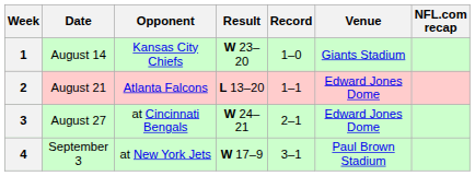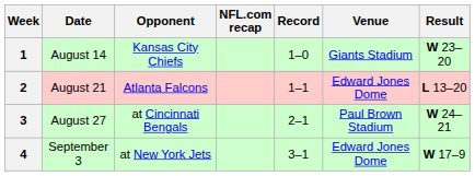 <table class="wikitable" style="text-align:center">
 <tr>
 <th>Week</th>
 <th>Date</th>
 <th>Opponent</th>
-<th>Result</th>
+<th>NFL.com<br>recap</th>
 <th>Record</th>
 <th>Venue</th>
-<th>NFL.com<br>recap</th>
+<th>Result</th>
 </tr>
 <tr style="background: #cfc;" align="center">
 <th>1</th>
 <td>August 14</td>
 <td><a href='#'>Kansas City Chiefs</a></td>
-<td><strong>W</strong> 23–20</td>
+<td></td>
 <td>1–0</td>
 <td><a href='#'>Giants Stadium</a></td>
-<td></td>
+<td><strong>W</strong> 23–20</td>
 </tr>
 <tr style="background: #fcc;" align="center">
 <th>2</th>
 <td>August 21</td>
 <td><a href='#'>Atlanta Falcons</a></td>
-<td><strong>L</strong> 13–20</td>
+<td></td>
 <td>1–1</td>
 <td><a href='#'>Edward Jones Dome</a></td>
-<td></td>
+<td><strong>L</strong> 13–20</td>
 </tr>
 <tr style="background: #cfc;" align="center">
 <th>3</th>
 <td>August 27</td>
 <td>at <a href='#'>Cincinnati Bengals</a></td>
+<td></td>
+<td>2–1</td>
+<td><a href='#'>Paul Brown Stadium</a></td>
 <td><strong>W</strong> 24–21</td>
-<td>2–1</td>
-<td><a href='#'>Edward Jones Dome</a></td>
-<td></td>
 </tr>
 <tr style="background: #cfc;" align="center">
 <th>4</th>
 <td>September 3</td>
 <td>at <a href='#'>New York Jets</a></td>
+<td></td>
+<td>3–1</td>
+<td><a href='#'>Edward Jones Dome</a></td>
 <td><strong>W</strong> 17–9</td>
-<td>3–1</td>
-<td><a href='#'>Paul Brown Stadium</a></td>
-<td></td>
 </tr>
 </table>
